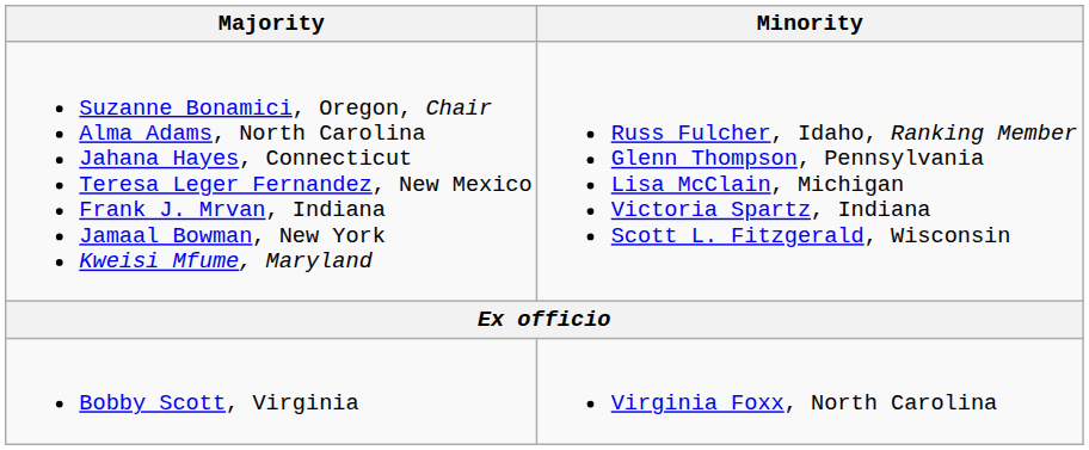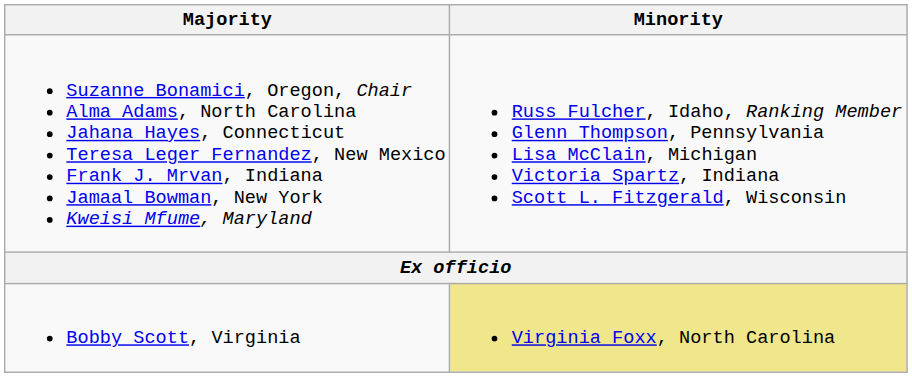 <table class=wikitable>
 <tr>
 <th>Majority</th>
 <th>Minority</th>
 </tr>
 <tr>
 <td><br><ul><li><a href='#'>Suzanne Bonamici</a>, Oregon, <em>Chair</em></li><li><a href='#'>Alma Adams</a>, North Carolina</li><li><a href='#'>Jahana Hayes</a>, Connecticut</li><li><a href='#'>Teresa Leger Fernandez</a>, New Mexico</li><li><a href='#'>Frank J. Mrvan</a>, Indiana</li><li><a href='#'>Jamaal Bowman</a>, New York</li><li><em><a href='#'>Kweisi Mfume</a>, Maryland</em></li></ul></td>
 <td><br><ul><li><a href='#'>Russ Fulcher</a>, Idaho, <em>Ranking Member</em></li><li><a href='#'>Glenn Thompson</a>, Pennsylvania</li><li><a href='#'>Lisa McClain</a>, Michigan</li><li><a href='#'>Victoria Spartz</a>, Indiana</li><li><a href='#'>Scott L. Fitzgerald</a>, Wisconsin</li></ul></td>
 </tr>
 <tr>
 <th colspan=2><em>Ex officio</em></th>
 </tr>
 <tr>
 <td><br><ul><li><a href='#'>Bobby Scott</a>, Virginia</li></ul></td>
-<td><br><ul><li><a href='#'>Virginia Foxx</a>, North Carolina</li></ul></td>
+<td style="background: khaki;"><br><ul><li><a href='#'>Virginia Foxx</a>, North Carolina</li></ul></td>
 </tr>
 </table>
